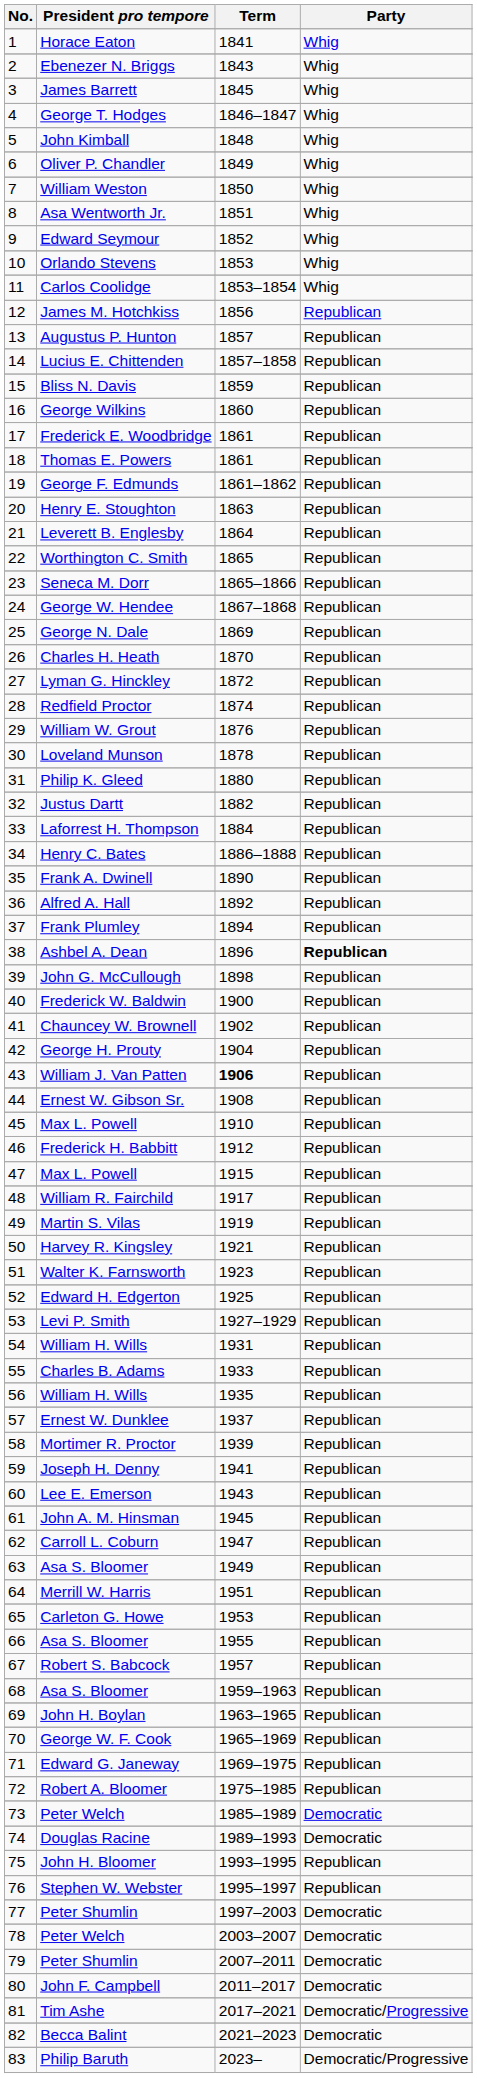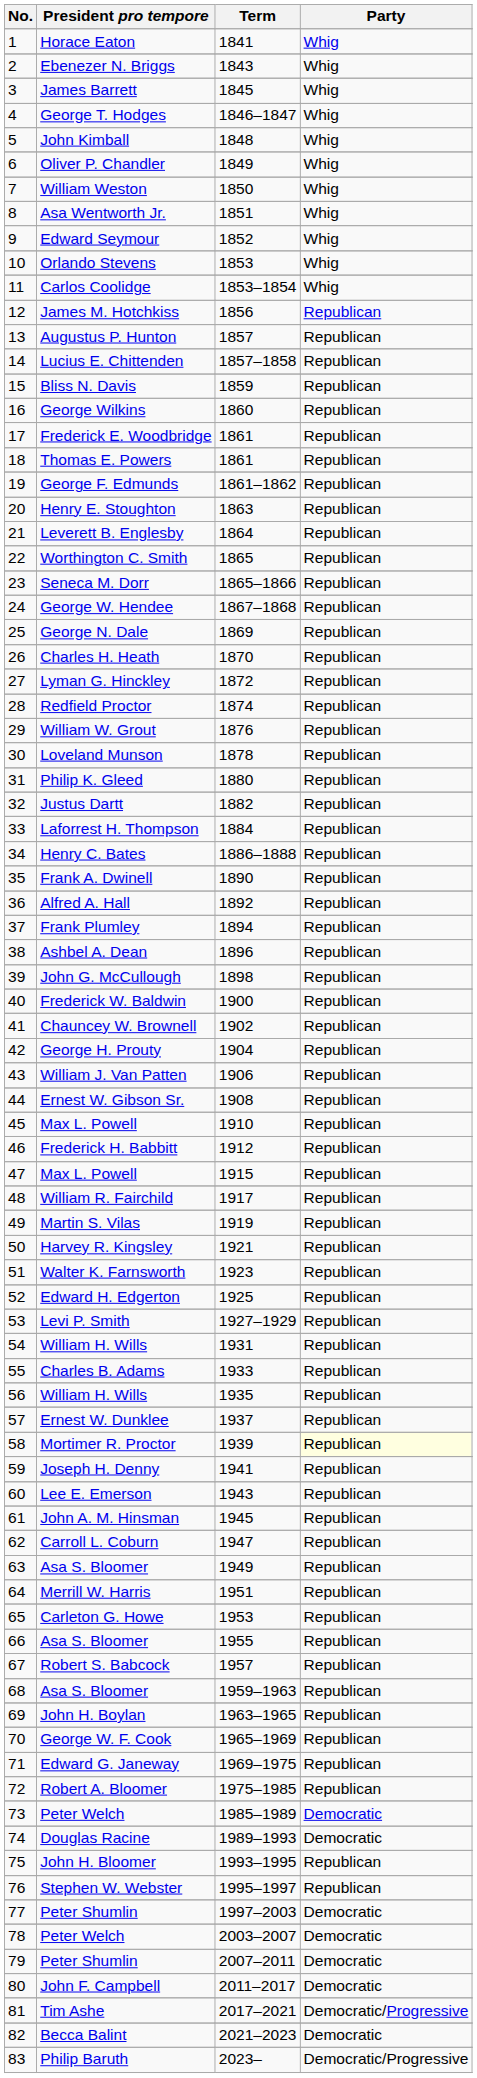 <table class="wikitable">
 <tr>
 <th>No.</th>
 <th>President <em>pro tempore</em></th>
 <th>Term</th>
 <th>Party</th>
 </tr>
 <tr>
 </tr>
 <tr>
 <td>1</td>
 <td><a href='#'>Horace Eaton</a></td>
 <td>1841</td>
 <td><a href='#'>Whig</a></td>
 </tr>
 <tr>
 </tr>
 <tr>
 <td>2</td>
 <td><a href='#'>Ebenezer N. Briggs</a></td>
 <td>1843</td>
 <td>Whig</td>
 </tr>
 <tr>
 </tr>
 <tr>
 <td>3</td>
 <td><a href='#'>James Barrett</a></td>
 <td>1845</td>
 <td>Whig</td>
 </tr>
 <tr>
 </tr>
 <tr>
 <td>4</td>
 <td><a href='#'>George T. Hodges</a></td>
 <td>1846–1847</td>
 <td>Whig</td>
 </tr>
 <tr>
 </tr>
 <tr>
 <td>5</td>
 <td><a href='#'>John Kimball</a></td>
 <td>1848</td>
 <td>Whig</td>
 </tr>
 <tr>
 </tr>
 <tr>
 <td>6</td>
 <td><a href='#'>Oliver P. Chandler</a></td>
 <td>1849</td>
 <td>Whig</td>
 </tr>
 <tr>
 </tr>
 <tr>
 <td>7</td>
 <td><a href='#'>William Weston</a></td>
 <td>1850</td>
 <td>Whig</td>
 </tr>
 <tr>
 </tr>
 <tr>
 <td>8</td>
 <td><a href='#'>Asa Wentworth Jr.</a></td>
 <td>1851</td>
 <td>Whig</td>
 </tr>
 <tr>
 </tr>
 <tr>
 <td>9</td>
 <td><a href='#'>Edward Seymour</a></td>
 <td>1852</td>
 <td>Whig</td>
 </tr>
 <tr>
 </tr>
 <tr>
 <td>10</td>
 <td><a href='#'>Orlando Stevens</a></td>
 <td>1853</td>
 <td>Whig</td>
 </tr>
 <tr>
 </tr>
 <tr>
 <td>11</td>
 <td><a href='#'>Carlos Coolidge</a></td>
 <td>1853–1854</td>
 <td>Whig</td>
 </tr>
 <tr>
 </tr>
 <tr>
 <td>12</td>
 <td><a href='#'>James M. Hotchkiss</a></td>
 <td>1856</td>
 <td><a href='#'>Republican</a></td>
 </tr>
 <tr>
 </tr>
 <tr>
 <td>13</td>
 <td><a href='#'>Augustus P. Hunton</a></td>
 <td>1857</td>
 <td>Republican</td>
 </tr>
 <tr>
 </tr>
 <tr>
 <td>14</td>
 <td><a href='#'>Lucius E. Chittenden</a></td>
 <td>1857–1858</td>
 <td>Republican</td>
 </tr>
 <tr>
 </tr>
 <tr>
 <td>15</td>
 <td><a href='#'>Bliss N. Davis</a></td>
 <td>1859</td>
 <td>Republican</td>
 </tr>
 <tr>
 </tr>
 <tr>
 <td>16</td>
 <td><a href='#'>George Wilkins</a></td>
 <td>1860</td>
 <td>Republican</td>
 </tr>
 <tr>
 </tr>
 <tr>
 <td>17</td>
 <td><a href='#'>Frederick E. Woodbridge</a></td>
 <td>1861</td>
 <td>Republican</td>
 </tr>
 <tr>
 </tr>
 <tr>
 <td>18</td>
 <td><a href='#'>Thomas E. Powers</a></td>
 <td>1861</td>
 <td>Republican</td>
 </tr>
 <tr>
 </tr>
 <tr>
 <td>19</td>
 <td><a href='#'>George F. Edmunds</a></td>
 <td>1861–1862</td>
 <td>Republican</td>
 </tr>
 <tr>
 </tr>
 <tr>
 <td>20</td>
 <td><a href='#'>Henry E. Stoughton</a></td>
 <td>1863</td>
 <td>Republican</td>
 </tr>
 <tr>
 </tr>
 <tr>
 <td>21</td>
 <td><a href='#'>Leverett B. Englesby</a></td>
 <td>1864</td>
 <td>Republican</td>
 </tr>
 <tr>
 </tr>
 <tr>
 <td>22</td>
 <td><a href='#'>Worthington C. Smith</a></td>
 <td>1865</td>
 <td>Republican</td>
 </tr>
 <tr>
 </tr>
 <tr>
 <td>23</td>
 <td><a href='#'>Seneca M. Dorr</a></td>
 <td>1865–1866</td>
 <td>Republican</td>
 </tr>
 <tr>
 </tr>
 <tr>
 <td>24</td>
 <td><a href='#'>George W. Hendee</a></td>
 <td>1867–1868</td>
 <td>Republican</td>
 </tr>
 <tr>
 </tr>
 <tr>
 <td>25</td>
 <td><a href='#'>George N. Dale</a></td>
 <td>1869</td>
 <td>Republican</td>
 </tr>
 <tr>
 </tr>
 <tr>
 <td>26</td>
 <td><a href='#'>Charles H. Heath</a></td>
 <td>1870</td>
 <td>Republican</td>
 </tr>
 <tr>
 </tr>
 <tr>
 <td>27</td>
 <td><a href='#'>Lyman G. Hinckley</a></td>
 <td>1872</td>
 <td>Republican</td>
 </tr>
 <tr>
 </tr>
 <tr>
 <td>28</td>
 <td><a href='#'>Redfield Proctor</a></td>
 <td>1874</td>
 <td>Republican</td>
 </tr>
 <tr>
 </tr>
 <tr>
 <td>29</td>
 <td><a href='#'>William W. Grout</a></td>
 <td>1876</td>
 <td>Republican</td>
 </tr>
 <tr>
 </tr>
 <tr>
 <td>30</td>
 <td><a href='#'>Loveland Munson</a></td>
 <td>1878</td>
 <td>Republican</td>
 </tr>
 <tr>
 </tr>
 <tr>
 <td>31</td>
 <td><a href='#'>Philip K. Gleed</a></td>
 <td>1880</td>
 <td>Republican</td>
 </tr>
 <tr>
 </tr>
 <tr>
 <td>32</td>
 <td><a href='#'>Justus Dartt</a></td>
 <td>1882</td>
 <td>Republican</td>
 </tr>
 <tr>
 </tr>
 <tr>
 <td>33</td>
 <td><a href='#'>Laforrest H. Thompson</a></td>
 <td>1884</td>
 <td>Republican</td>
 </tr>
 <tr>
 </tr>
 <tr>
 <td>34</td>
 <td><a href='#'>Henry C. Bates</a></td>
 <td>1886–1888</td>
 <td>Republican</td>
 </tr>
 <tr>
 </tr>
 <tr>
 <td>35</td>
 <td><a href='#'>Frank A. Dwinell</a></td>
 <td>1890</td>
 <td>Republican</td>
 </tr>
 <tr>
 </tr>
 <tr>
 <td>36</td>
 <td><a href='#'>Alfred A. Hall</a></td>
 <td>1892</td>
 <td>Republican</td>
 </tr>
 <tr>
 </tr>
 <tr>
 <td>37</td>
 <td><a href='#'>Frank Plumley</a></td>
 <td>1894</td>
 <td>Republican</td>
 </tr>
 <tr>
 </tr>
 <tr>
 <td>38</td>
 <td><a href='#'>Ashbel A. Dean</a></td>
 <td>1896</td>
-<td><strong>Republican</strong></td>
+<td>Republican</td>
 </tr>
 <tr>
 </tr>
 <tr>
 <td>39</td>
 <td><a href='#'>John G. McCullough</a></td>
 <td>1898</td>
 <td>Republican</td>
 </tr>
 <tr>
 </tr>
 <tr>
 <td>40</td>
 <td><a href='#'>Frederick W. Baldwin</a></td>
 <td>1900</td>
 <td>Republican</td>
 </tr>
 <tr>
 </tr>
 <tr>
 <td>41</td>
 <td><a href='#'>Chauncey W. Brownell</a></td>
 <td>1902</td>
 <td>Republican</td>
 </tr>
 <tr>
 </tr>
 <tr>
 <td>42</td>
 <td><a href='#'>George H. Prouty</a></td>
 <td>1904</td>
 <td>Republican</td>
 </tr>
 <tr>
 </tr>
 <tr>
 <td>43</td>
 <td><a href='#'>William J. Van Patten</a></td>
-<td><strong>1906</strong></td>
+<td>1906</td>
 <td>Republican</td>
 </tr>
 <tr>
 </tr>
 <tr>
 <td>44</td>
 <td><a href='#'>Ernest W. Gibson Sr.</a></td>
 <td>1908</td>
 <td>Republican</td>
 </tr>
 <tr>
 </tr>
 <tr>
 <td>45</td>
 <td><a href='#'>Max L. Powell</a></td>
 <td>1910</td>
 <td>Republican</td>
 </tr>
 <tr>
 </tr>
 <tr>
 <td>46</td>
 <td><a href='#'>Frederick H. Babbitt</a></td>
 <td>1912</td>
 <td>Republican</td>
 </tr>
 <tr>
 </tr>
 <tr>
 <td>47</td>
 <td><a href='#'>Max L. Powell</a></td>
 <td>1915</td>
 <td>Republican</td>
 </tr>
 <tr>
 </tr>
 <tr>
 <td>48</td>
 <td><a href='#'>William R. Fairchild</a></td>
 <td>1917</td>
 <td>Republican</td>
 </tr>
 <tr>
 </tr>
 <tr>
 <td>49</td>
 <td><a href='#'>Martin S. Vilas</a></td>
 <td>1919</td>
 <td>Republican</td>
 </tr>
 <tr>
 </tr>
 <tr>
 <td>50</td>
 <td><a href='#'>Harvey R. Kingsley</a></td>
 <td>1921</td>
 <td>Republican</td>
 </tr>
 <tr>
 </tr>
 <tr>
 <td>51</td>
 <td><a href='#'>Walter K. Farnsworth</a></td>
 <td>1923</td>
 <td>Republican</td>
 </tr>
 <tr>
 </tr>
 <tr>
 <td>52</td>
 <td><a href='#'>Edward H. Edgerton</a></td>
 <td>1925</td>
 <td>Republican</td>
 </tr>
 <tr>
 </tr>
 <tr>
 <td>53</td>
 <td><a href='#'>Levi P. Smith</a></td>
 <td>1927–1929</td>
 <td>Republican</td>
 </tr>
 <tr>
 </tr>
 <tr>
 <td>54</td>
 <td><a href='#'>William H. Wills</a></td>
 <td>1931</td>
 <td>Republican</td>
 </tr>
 <tr>
 </tr>
 <tr>
 <td>55</td>
 <td><a href='#'>Charles B. Adams</a></td>
 <td>1933</td>
 <td>Republican</td>
 </tr>
 <tr>
 </tr>
 <tr>
 <td>56</td>
 <td><a href='#'>William H. Wills</a></td>
 <td>1935</td>
 <td>Republican</td>
 </tr>
 <tr>
 </tr>
 <tr>
 <td>57</td>
 <td><a href='#'>Ernest W. Dunklee</a></td>
 <td>1937</td>
 <td>Republican</td>
 </tr>
 <tr>
 </tr>
 <tr>
 <td>58</td>
 <td><a href='#'>Mortimer R. Proctor</a></td>
 <td>1939</td>
-<td>Republican</td>
+<td style="background: lightyellow;">Republican</td>
 </tr>
 <tr>
 </tr>
 <tr>
 <td>59</td>
 <td><a href='#'>Joseph H. Denny</a></td>
 <td>1941</td>
 <td>Republican</td>
 </tr>
 <tr>
 </tr>
 <tr>
 <td>60</td>
 <td><a href='#'>Lee E. Emerson</a></td>
 <td>1943</td>
 <td>Republican</td>
 </tr>
 <tr>
 </tr>
 <tr>
 <td>61</td>
 <td><a href='#'>John A. M. Hinsman</a></td>
 <td>1945</td>
 <td>Republican</td>
 </tr>
 <tr>
 </tr>
 <tr>
 <td>62</td>
 <td><a href='#'>Carroll L. Coburn</a></td>
 <td>1947</td>
 <td>Republican</td>
 </tr>
 <tr>
 </tr>
 <tr>
 <td>63</td>
 <td><a href='#'>Asa S. Bloomer</a></td>
 <td>1949</td>
 <td>Republican</td>
 </tr>
 <tr>
 </tr>
 <tr>
 <td>64</td>
 <td><a href='#'>Merrill W. Harris</a></td>
 <td>1951</td>
 <td>Republican</td>
 </tr>
 <tr>
 </tr>
 <tr>
 <td>65</td>
 <td><a href='#'>Carleton G. Howe</a></td>
 <td>1953</td>
 <td>Republican</td>
 </tr>
 <tr>
 </tr>
 <tr>
 <td>66</td>
 <td><a href='#'>Asa S. Bloomer</a></td>
 <td>1955</td>
 <td>Republican</td>
 </tr>
 <tr>
 </tr>
 <tr>
 <td>67</td>
 <td><a href='#'>Robert S. Babcock</a></td>
 <td>1957</td>
 <td>Republican</td>
 </tr>
 <tr>
 </tr>
 <tr>
 <td>68</td>
 <td><a href='#'>Asa S. Bloomer</a></td>
 <td>1959–1963</td>
 <td>Republican</td>
 </tr>
 <tr>
 </tr>
 <tr>
 <td>69</td>
 <td><a href='#'>John H. Boylan</a></td>
 <td>1963–1965</td>
 <td>Republican</td>
 </tr>
 <tr>
 </tr>
 <tr>
 <td>70</td>
 <td><a href='#'>George W. F. Cook</a></td>
 <td>1965–1969</td>
 <td>Republican</td>
 </tr>
 <tr>
 </tr>
 <tr>
 <td>71</td>
 <td><a href='#'>Edward G. Janeway</a></td>
 <td>1969–1975</td>
 <td>Republican</td>
 </tr>
 <tr>
 </tr>
 <tr>
 <td>72</td>
 <td><a href='#'>Robert A. Bloomer</a></td>
 <td>1975–1985</td>
 <td>Republican</td>
 </tr>
 <tr>
 </tr>
 <tr>
 <td>73</td>
 <td><a href='#'>Peter Welch</a></td>
 <td>1985–1989</td>
 <td><a href='#'>Democratic</a></td>
 </tr>
 <tr>
 </tr>
 <tr>
 <td>74</td>
 <td><a href='#'>Douglas Racine</a></td>
 <td>1989–1993</td>
 <td>Democratic</td>
 </tr>
 <tr>
 </tr>
 <tr>
 <td>75</td>
 <td><a href='#'>John H. Bloomer</a></td>
 <td>1993–1995</td>
 <td>Republican</td>
 </tr>
 <tr>
 </tr>
 <tr>
 <td>76</td>
 <td><a href='#'>Stephen W. Webster</a></td>
 <td>1995–1997</td>
 <td>Republican</td>
 </tr>
 <tr>
 </tr>
 <tr>
 <td>77</td>
 <td><a href='#'>Peter Shumlin</a></td>
 <td>1997–2003</td>
 <td>Democratic</td>
 </tr>
 <tr>
 </tr>
 <tr>
 <td>78</td>
 <td><a href='#'>Peter Welch</a></td>
 <td>2003–2007</td>
 <td>Democratic</td>
 </tr>
 <tr>
 </tr>
 <tr>
 <td>79</td>
 <td><a href='#'>Peter Shumlin</a></td>
 <td>2007–2011</td>
 <td>Democratic</td>
 </tr>
 <tr>
 </tr>
 <tr>
 <td>80</td>
 <td><a href='#'>John F. Campbell</a></td>
 <td>2011–2017</td>
 <td>Democratic</td>
 </tr>
 <tr>
 </tr>
 <tr>
 <td>81</td>
 <td><a href='#'>Tim Ashe</a></td>
 <td>2017–2021</td>
 <td>Democratic/<a href='#'>Progressive</a></td>
 </tr>
 <tr>
 </tr>
 <tr>
 <td>82</td>
 <td><a href='#'>Becca Balint</a></td>
 <td>2021–2023</td>
 <td>Democratic</td>
 </tr>
 <tr>
 </tr>
 <tr>
 <td>83</td>
 <td><a href='#'>Philip Baruth</a></td>
 <td>2023–</td>
 <td>Democratic/Progressive</td>
 </tr>
 <tr>
 </tr>
 </table>
